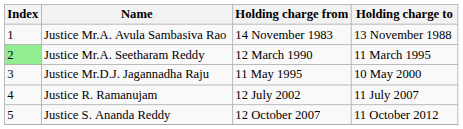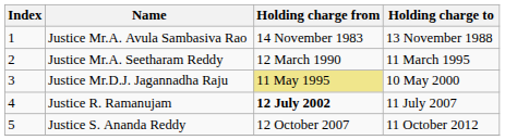 <table class="wikitable">
 <tr>
 <th>Index</th>
 <th>Name</th>
 <th>Holding charge from</th>
 <th>Holding charge to</th>
 </tr>
 <tr>
 <td>1</td>
 <td>Justice Mr.A. Avula Sambasiva Rao </td>
 <td>14 November 1983 </td>
 <td>13 November 1988 </td>
 </tr>
 <tr>
-<td style="background: lightgreen;">2</td>
+<td>2</td>
 <td>Justice Mr.A. Seetharam Reddy </td>
 <td>12 March 1990 </td>
 <td>11 March 1995</td>
 </tr>
 <tr>
 <td>3</td>
 <td>Justice Mr.D.J. Jagannadha Raju </td>
-<td>11 May 1995 </td>
+<td style="background: khaki;">11 May 1995 </td>
 <td>10 May 2000 </td>
 </tr>
 <tr>
 <td>4</td>
 <td>Justice R. Ramanujam</td>
-<td>12 July 2002 </td>
+<td><strong>12 July 2002 </strong></td>
 <td>11 July 2007 </td>
 </tr>
 <tr>
 <td>5</td>
 <td>Justice S. Ananda Reddy</td>
 <td>12 October 2007 </td>
 <td>11 October 2012 </td>
 </tr>
 <tr>
 </tr>
 </table>
